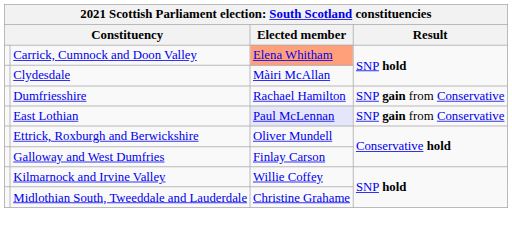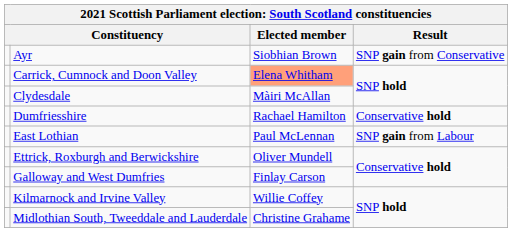 <table class="wikitable">
 <tr>
 <th colspan="4">2021 Scottish Parliament election: <a href='#'>South Scotland</a> constituencies</th>
 </tr>
 <tr>
 <th colspan="2">Constituency</th>
 <th>Elected member</th>
 <th>Result</th>
+</tr>
+<tr>
+<td style="color:inherit;background-color: "></td>
+<td><a href='#'>Ayr</a></td>
+<td><a href='#'>Siobhian Brown</a></td>
+<td><a href='#'>SNP</a> <strong>gain</strong> from <a href='#'>Conservative</a></td>
 </tr>
 <tr>
 <td style="color:inherit;background-color: "></td>
 <td><a href='#'>Carrick, Cumnock and Doon Valley</a></td>
 <td style="background: lightsalmon;"><a href='#'>Elena Whitham</a></td>
 <td rowspan="2"><a href='#'>SNP</a> <strong>hold</strong></td>
 </tr>
 <tr>
 <td style="color:inherit;background-color: "></td>
 <td><a href='#'>Clydesdale</a></td>
 <td><a href='#'>Màiri McAllan</a></td>
 </tr>
 <tr>
 <td style="color:inherit;background-color: "></td>
 <td><a href='#'>Dumfriesshire</a></td>
 <td><a href='#'>Rachael Hamilton</a></td>
-<td><a href='#'>SNP</a> <strong>gain</strong> from <a href='#'>Conservative</a></td>
+<td><a href='#'>Conservative</a> <strong>hold</strong></td>
 </tr>
 <tr>
 <td style="color:inherit;background-color: "></td>
 <td><a href='#'>East Lothian</a></td>
-<td style="background: lavender;"><a href='#'>Paul McLennan</a></td>
-<td><a href='#'>SNP</a> <strong>gain</strong> from <a href='#'>Conservative</a></td>
+<td><a href='#'>Paul McLennan</a></td>
+<td><a href='#'>SNP</a> <strong>gain</strong> from <a href='#'>Labour</a></td>
 </tr>
 <tr>
 <td style="color:inherit;background-color: "></td>
 <td><a href='#'>Ettrick, Roxburgh and Berwickshire</a></td>
 <td><a href='#'>Oliver Mundell</a></td>
 <td rowspan="2"><a href='#'>Conservative</a>  <strong>hold</strong></td>
 </tr>
 <tr>
 <td style="color:inherit;background-color: "></td>
 <td><a href='#'>Galloway and West Dumfries</a></td>
 <td><a href='#'>Finlay Carson</a></td>
 </tr>
 <tr>
 <td style="color:inherit;background-color: "></td>
 <td><a href='#'>Kilmarnock and Irvine Valley</a></td>
 <td><a href='#'>Willie Coffey</a></td>
 <td rowspan="2"><a href='#'>SNP</a> <strong>hold</strong></td>
 </tr>
 <tr>
 <td style="color:inherit;background-color: "></td>
 <td><a href='#'>Midlothian South, Tweeddale and Lauderdale</a></td>
 <td><a href='#'>Christine Grahame</a></td>
 </tr>
 </table>
